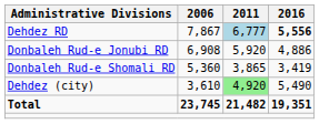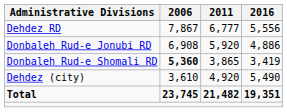 <table class="wikitable">
 <tr>
 <th>Administrative Divisions</th>
 <th>2006</th>
 <th>2011</th>
 <th>2016</th>
 </tr>
 <tr>
 <td><a href='#'>Dehdez RD</a></td>
 <td style="text-align: right;">7,867</td>
-<td style="background: lightblue; text-align: right;">6,777</td>
-<td style="text-align: right;"><strong>5,556</strong></td>
+<td style="text-align: right;">6,777</td>
+<td style="text-align: right;">5,556</td>
 </tr>
 <tr>
 <td><a href='#'>Donbaleh Rud-e Jonubi RD</a></td>
 <td style="text-align: right;">6,908</td>
 <td style="text-align: right;">5,920</td>
 <td style="text-align: right;">4,886</td>
 </tr>
 <tr>
 <td><a href='#'>Donbaleh Rud-e Shomali RD</a></td>
-<td style="text-align: right;">5,360</td>
+<td style="text-align: right;"><strong>5,360</strong></td>
 <td style="text-align: right;">3,865</td>
 <td style="text-align: right;">3,419</td>
 </tr>
 <tr>
 <td><a href='#'>Dehdez</a> (city)</td>
 <td style="text-align: right;">3,610</td>
-<td style="background: lightgreen; text-align: right;">4,920</td>
+<td style="text-align: right;">4,920</td>
 <td style="text-align: right;">5,490</td>
 </tr>
 <tr>
 <td><strong>Total</strong></td>
 <td style="text-align: right;"><strong>23,745</strong></td>
 <td style="text-align: right;"><strong>21,482</strong></td>
 <td style="text-align: right;"><strong>19,351</strong></td>
 </tr>
 <tr>
 <td colspan=4></td>
 </tr>
 </table>
